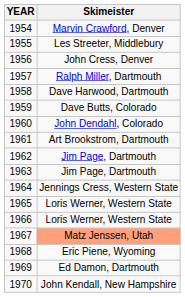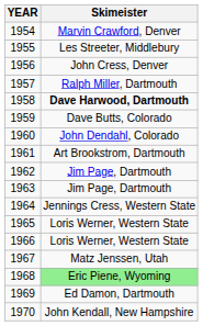 <table class="wikitable" style="text-align:center">
 <tr>
 <th><strong>YEAR</strong></th>
 <th><strong>Skimeister</strong></th>
 </tr>
 <tr>
 <td>1954</td>
 <td><a href='#'>Marvin Crawford</a>, Denver</td>
 </tr>
 <tr>
 <td>1955</td>
 <td>Les Streeter, Middlebury</td>
 </tr>
 <tr>
 <td>1956</td>
 <td>John Cress, Denver</td>
 </tr>
 <tr>
 <td>1957</td>
 <td><a href='#'>Ralph Miller</a>, Dartmouth</td>
 </tr>
 <tr>
 <td>1958</td>
-<td>Dave Harwood, Dartmouth</td>
+<td><strong>Dave Harwood, Dartmouth</strong></td>
 </tr>
 <tr>
 <td>1959</td>
 <td>Dave Butts, Colorado</td>
 </tr>
 <tr>
 <td>1960</td>
 <td><a href='#'>John Dendahl</a>, Colorado</td>
 </tr>
 <tr>
 <td>1961</td>
 <td>Art Brookstrom, Dartmouth</td>
 </tr>
 <tr>
 <td>1962</td>
 <td><a href='#'>Jim Page</a>, Dartmouth</td>
 </tr>
 <tr>
 <td>1963</td>
 <td>Jim Page, Dartmouth</td>
 </tr>
 <tr>
 <td>1964</td>
 <td>Jennings Cress, Western State</td>
 </tr>
 <tr>
 <td>1965</td>
 <td>Loris Werner, Western State</td>
 </tr>
 <tr>
 <td>1966</td>
 <td>Loris Werner, Western State</td>
 </tr>
 <tr>
 <td>1967</td>
-<td style="background: lightsalmon;">Matz Jenssen, Utah</td>
+<td>Matz Jenssen, Utah</td>
 </tr>
 <tr>
 <td>1968</td>
-<td>Eric Piene, Wyoming</td>
+<td style="background: lightgreen;">Eric Piene, Wyoming</td>
 </tr>
 <tr>
 <td>1969</td>
 <td>Ed Damon, Dartmouth</td>
 </tr>
 <tr>
 <td>1970</td>
 <td>John Kendall, New Hampshire</td>
 </tr>
 </table>
